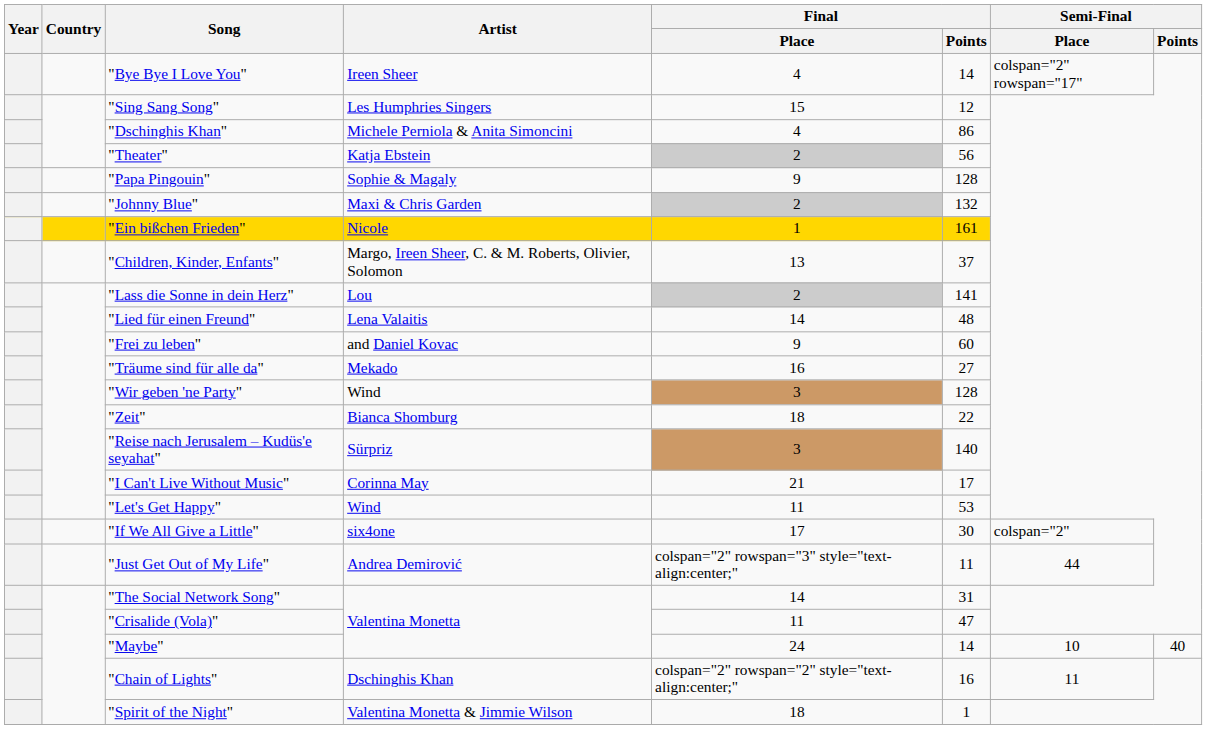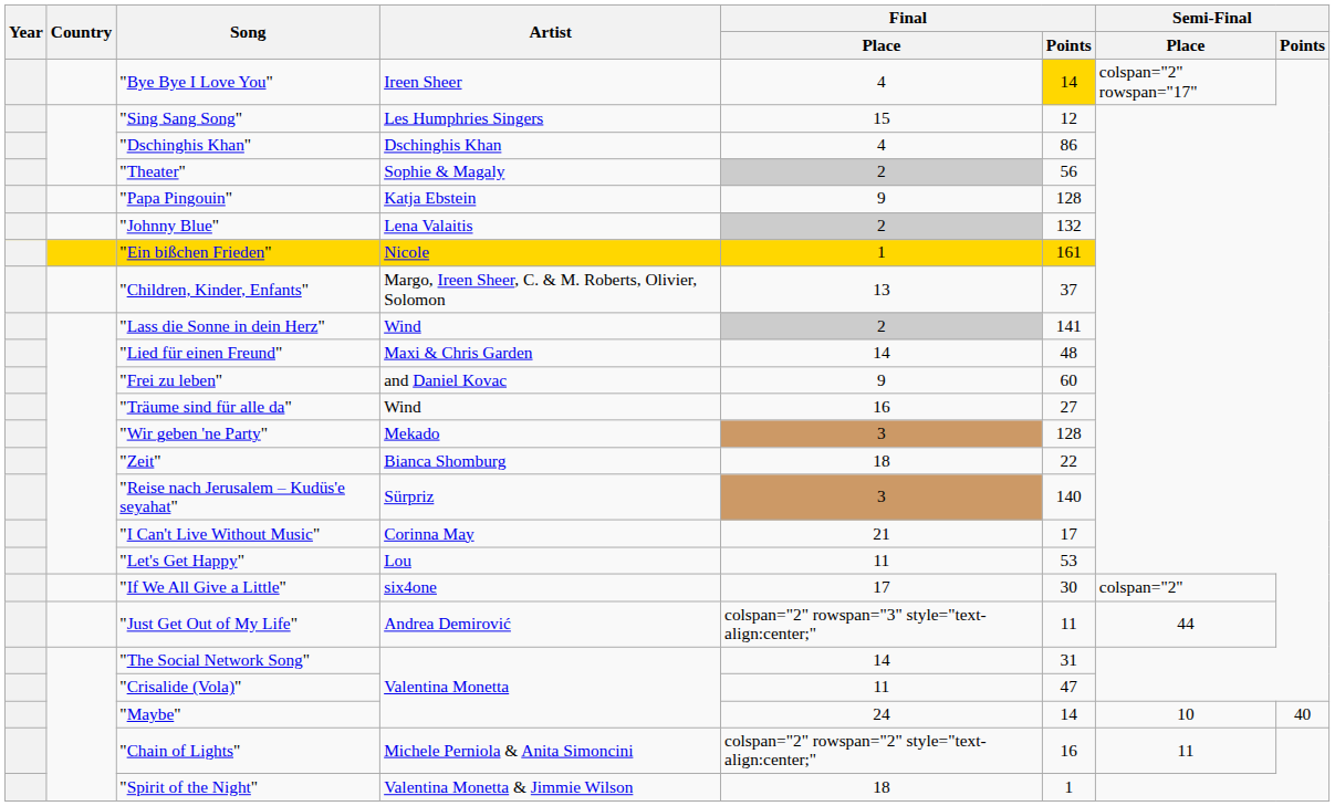 <table class="wikitable sortable plainrowheaders">
 <tr>
 <th rowspan="2">Year</th>
 <th rowspan="2">Country</th>
 <th rowspan="2">Song</th>
 <th rowspan="2">Artist</th>
 <th colspan="2">Final</th>
 <th colspan="2">Semi-Final</th>
 </tr>
 <tr>
 <th scope="col">Place</th>
 <th>Points</th>
 <th>Place</th>
 <th>Points</th>
 </tr>
 <tr>
 <th scope="row" style="text-align:center;"></th>
 <td></td>
 <td>"<a href='#'>Bye Bye I Love You</a>"</td>
 <td><a href='#'>Ireen Sheer</a></td>
 <td style="text-align:center;">4</td>
-<td style="text-align:center;">14</td>
+<td style="background: gold; text-align:center;">14</td>
 <td>colspan="2" rowspan="17" </td>
 </tr>
 <tr>
 <th scope="row" style="text-align:center;"></th>
 <td rowspan="3"></td>
 <td>"<a href='#'>Sing Sang Song</a>"</td>
 <td><a href='#'>Les Humphries Singers</a></td>
 <td style="text-align:center;">15</td>
 <td style="text-align:center;">12</td>
 </tr>
 <tr>
 <th scope="row" style="text-align:center;"></th>
 <td>"<a href='#'>Dschinghis Khan</a>"</td>
-<td><a href='#'>Michele Perniola</a> & <a href='#'>Anita Simoncini</a></td>
+<td><a href='#'>Dschinghis Khan</a></td>
 <td style="text-align:center;">4</td>
 <td style="text-align:center;">86</td>
 </tr>
 <tr>
 <th scope="row" style="text-align:center;"></th>
 <td>"<a href='#'>Theater</a>"</td>
-<td><a href='#'>Katja Ebstein</a></td>
+<td><a href='#'>Sophie & Magaly</a></td>
 <td style="text-align:center; background-color:#CCC;">2</td>
 <td style="text-align:center;">56</td>
 </tr>
 <tr>
 <th scope="row" style="text-align:center;"></th>
 <td></td>
 <td>"<a href='#'>Papa Pingouin</a>"</td>
-<td><a href='#'>Sophie & Magaly</a></td>
+<td><a href='#'>Katja Ebstein</a></td>
 <td style="text-align:center;">9</td>
 <td style="text-align:center;">128</td>
 </tr>
 <tr>
 <th scope="row" style="text-align:center;"></th>
 <td></td>
 <td>"<a href='#'>Johnny Blue</a>"</td>
-<td><a href='#'>Maxi & Chris Garden</a></td>
+<td><a href='#'>Lena Valaitis</a></td>
 <td style="text-align:center; background-color:#CCC;">2</td>
 <td style="text-align:center;">132</td>
 </tr>
 <tr style="background:gold">
 <th scope="row" style="text-align:center;"></th>
 <td></td>
 <td>"<a href='#'>Ein bißchen Frieden</a>"</td>
 <td><a href='#'>Nicole</a></td>
 <td style="text-align:center;">1</td>
 <td style="text-align:center;">161</td>
 </tr>
 <tr>
 <th scope="row" style="text-align:center;"></th>
 <td></td>
 <td>"<a href='#'>Children, Kinder, Enfants</a>"</td>
 <td>Margo, <a href='#'>Ireen Sheer</a>, C. & M. Roberts, Olivier, Solomon</td>
 <td style="text-align:center;">13</td>
 <td style="text-align:center;">37</td>
 </tr>
 <tr>
 <th scope="row" style="text-align:center;"></th>
 <td rowspan="9"></td>
 <td>"<a href='#'>Lass die Sonne in dein Herz</a>"</td>
-<td><a href='#'>Lou</a></td>
+<td><a href='#'>Wind</a></td>
 <td style="text-align:center; background-color:#CCC;">2</td>
 <td style="text-align:center;">141</td>
 </tr>
 <tr>
 <th scope="row" style="text-align:center;"></th>
 <td>"<a href='#'>Lied für einen Freund</a>"</td>
-<td><a href='#'>Lena Valaitis</a></td>
+<td><a href='#'>Maxi & Chris Garden</a></td>
 <td style="text-align:center;">14</td>
 <td style="text-align:center;">48</td>
 </tr>
 <tr>
 <th scope="row" style="text-align:center;"></th>
 <td>"<a href='#'>Frei zu leben</a>"</td>
 <td> and <a href='#'>Daniel Kovac</a></td>
 <td style="text-align:center;">9</td>
 <td style="text-align:center;">60</td>
 </tr>
 <tr>
 <th scope="row" style="text-align:center;"></th>
 <td>"<a href='#'>Träume sind für alle da</a>"</td>
-<td><a href='#'>Mekado</a></td>
+<td>Wind</td>
 <td style="text-align:center;">16</td>
 <td style="text-align:center;">27</td>
 </tr>
 <tr>
 <th scope="row" style="text-align:center;"></th>
 <td>"<a href='#'>Wir geben 'ne Party</a>"</td>
-<td>Wind</td>
+<td><a href='#'>Mekado</a></td>
 <td style="text-align:center; background-color:#C96;">3</td>
 <td style="text-align:center;">128</td>
 </tr>
 <tr>
 <th scope="row" style="text-align:center;"></th>
 <td>"<a href='#'>Zeit</a>"</td>
 <td><a href='#'>Bianca Shomburg</a></td>
 <td style="text-align:center;">18</td>
 <td style="text-align:center;">22</td>
 </tr>
 <tr>
 <th scope="row" style="text-align:center;"></th>
 <td>"<a href='#'>Reise nach Jerusalem – Kudüs'e seyahat</a>"</td>
 <td><a href='#'>Sürpriz</a></td>
 <td style="text-align:center; background-color:#C96;">3</td>
 <td style="text-align:center;">140</td>
 </tr>
 <tr>
 <th scope="row" style="text-align:center;"></th>
 <td>"<a href='#'>I Can't Live Without Music</a>"</td>
 <td><a href='#'>Corinna May</a></td>
 <td style="text-align:center;">21</td>
 <td style="text-align:center;">17</td>
 </tr>
 <tr>
 <th scope="row" style="text-align:center;"></th>
 <td>"<a href='#'>Let's Get Happy</a>"</td>
-<td><a href='#'>Wind</a></td>
+<td><a href='#'>Lou</a></td>
 <td style="text-align:center;">11</td>
 <td style="text-align:center;">53</td>
 </tr>
 <tr>
 <th scope="row" style="text-align:center;"></th>
 <td></td>
 <td>"<a href='#'>If We All Give a Little</a>"</td>
 <td><a href='#'>six4one</a></td>
 <td style="text-align:center;">17</td>
 <td style="text-align:center;">30</td>
 <td>colspan="2" </td>
 </tr>
 <tr>
 <th scope="row" style="text-align:center;"></th>
 <td></td>
 <td>"<a href='#'>Just Get Out of My Life</a>"</td>
 <td><a href='#'>Andrea Demirović</a></td>
 <td>colspan="2" rowspan="3" style="text-align:center;" </td>
 <td style="text-align:center;">11</td>
 <td style="text-align:center;">44</td>
 </tr>
 <tr>
 <th scope="row" style="text-align:center;"></th>
 <td rowspan="5"></td>
 <td>"<a href='#'>The Social Network Song</a>"</td>
 <td rowspan="3"><a href='#'>Valentina Monetta</a></td>
 <td style="text-align:center;">14</td>
 <td style="text-align:center;">31</td>
 </tr>
 <tr>
 <th scope="row" style="text-align:center;"></th>
 <td>"<a href='#'>Crisalide (Vola)</a>"</td>
 <td style="text-align:center;">11</td>
 <td style="text-align:center;">47</td>
 </tr>
 <tr>
 <th scope="row" style="text-align:center;"></th>
 <td>"<a href='#'>Maybe</a>"</td>
 <td style="text-align:center;">24</td>
 <td style="text-align:center;">14</td>
 <td style="text-align:center;">10</td>
 <td style="text-align:center;">40</td>
 </tr>
 <tr>
 <th scope="row" style="text-align:center;"></th>
 <td>"<a href='#'>Chain of Lights</a>"</td>
-<td><a href='#'>Dschinghis Khan</a></td>
+<td><a href='#'>Michele Perniola</a> & <a href='#'>Anita Simoncini</a></td>
 <td>colspan="2" rowspan="2" style="text-align:center;" </td>
 <td style="text-align:center;">16</td>
 <td style="text-align:center;">11</td>
 </tr>
 <tr>
 <th scope="row" style="text-align:center;"></th>
 <td>"<a href='#'>Spirit of the Night</a>"</td>
 <td><a href='#'>Valentina Monetta</a> & <a href='#'>Jimmie Wilson</a></td>
 <td style="text-align:center;">18</td>
 <td style="text-align:center;">1</td>
 </tr>
 <tr>
 </tr>
 </table>
